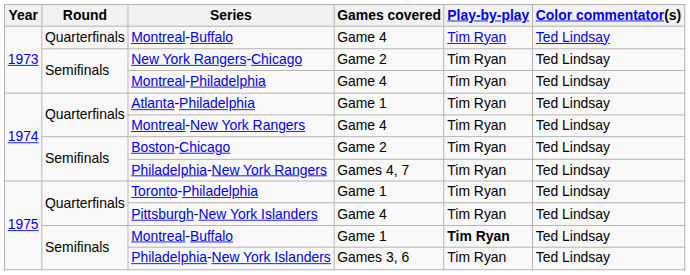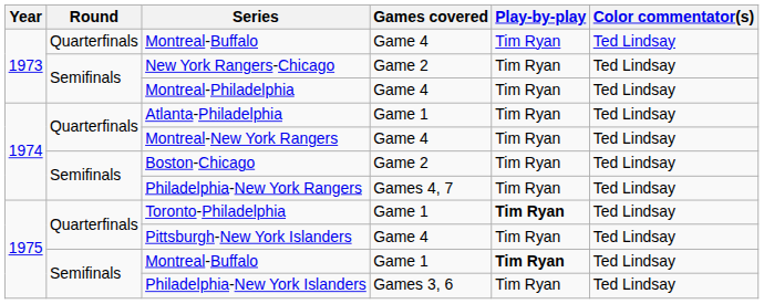 <table class="wikitable">
 <tr>
 <th>Year</th>
 <th>Round</th>
 <th>Series</th>
 <th>Games covered</th>
 <th><a href='#'>Play-by-play</a></th>
 <th><a href='#'>Color commentator</a>(s)</th>
 </tr>
 <tr>
 <td rowspan=3><a href='#'>1973</a></td>
 <td>Quarterfinals</td>
 <td><a href='#'>Montreal</a>-<a href='#'>Buffalo</a></td>
 <td>Game 4</td>
 <td><a href='#'>Tim Ryan</a></td>
 <td><a href='#'>Ted Lindsay</a></td>
 </tr>
 <tr>
 <td rowspan=2>Semifinals</td>
 <td><a href='#'>New York Rangers</a>-<a href='#'>Chicago</a></td>
 <td>Game 2</td>
 <td>Tim Ryan</td>
 <td>Ted Lindsay</td>
 </tr>
 <tr>
 <td><a href='#'>Montreal</a>-<a href='#'>Philadelphia</a></td>
 <td>Game 4</td>
 <td>Tim Ryan</td>
 <td>Ted Lindsay</td>
 </tr>
 <tr>
 <td rowspan=4><a href='#'>1974</a></td>
 <td rowspan=2>Quarterfinals</td>
 <td><a href='#'>Atlanta</a>-<a href='#'>Philadelphia</a></td>
 <td>Game 1</td>
 <td>Tim Ryan</td>
 <td>Ted Lindsay</td>
 </tr>
 <tr>
 <td><a href='#'>Montreal</a>-<a href='#'>New York Rangers</a></td>
 <td>Game 4</td>
 <td>Tim Ryan</td>
 <td>Ted Lindsay</td>
 </tr>
 <tr>
 <td rowspan=2>Semifinals</td>
 <td><a href='#'>Boston</a>-<a href='#'>Chicago</a></td>
 <td>Game 2</td>
 <td>Tim Ryan</td>
 <td>Ted Lindsay</td>
 </tr>
 <tr>
 <td><a href='#'>Philadelphia</a>-<a href='#'>New York Rangers</a></td>
 <td>Games 4, 7</td>
 <td>Tim Ryan</td>
 <td>Ted Lindsay</td>
 </tr>
 <tr>
 <td rowspan=4><a href='#'>1975</a></td>
 <td rowspan=2>Quarterfinals</td>
 <td><a href='#'>Toronto</a>-<a href='#'>Philadelphia</a></td>
 <td>Game 1</td>
-<td>Tim Ryan</td>
+<td><strong>Tim Ryan</strong></td>
 <td>Ted Lindsay</td>
 </tr>
 <tr>
 <td><a href='#'>Pittsburgh</a>-<a href='#'>New York Islanders</a></td>
 <td>Game 4</td>
 <td>Tim Ryan</td>
 <td>Ted Lindsay</td>
 </tr>
 <tr>
 <td rowspan=2>Semifinals</td>
 <td><a href='#'>Montreal</a>-<a href='#'>Buffalo</a></td>
 <td>Game 1</td>
 <td><strong>Tim Ryan</strong></td>
 <td>Ted Lindsay</td>
 </tr>
 <tr>
 <td><a href='#'>Philadelphia</a>-<a href='#'>New York Islanders</a></td>
 <td>Games 3, 6</td>
 <td>Tim Ryan</td>
 <td>Ted Lindsay</td>
 </tr>
 </table>
